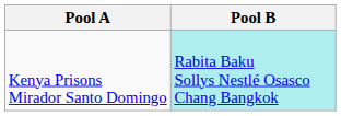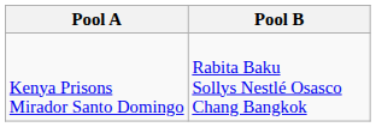 <table class="wikitable">
 <tr>
 <th width=50%>Pool A</th>
 <th width=50%>Pool B</th>
 </tr>
 <tr>
 <td><br><br>  <a href='#'>Kenya Prisons</a><br>  <a href='#'>Mirador Santo Domingo</a></td>
-<td style="background: paleturquoise;"><br> <a href='#'>Rabita Baku</a><br>  <a href='#'>Sollys Nestlé Osasco</a><br>  <a href='#'>Chang Bangkok</a></td>
+<td><br> <a href='#'>Rabita Baku</a><br>  <a href='#'>Sollys Nestlé Osasco</a><br>  <a href='#'>Chang Bangkok</a></td>
 </tr>
 </table>
